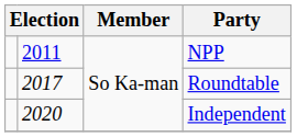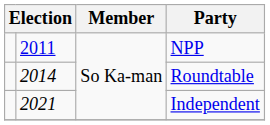 <table class="wikitable">
 <tr>
 <th colspan="2">Election</th>
 <th>Member</th>
 <th>Party</th>
 </tr>
 <tr>
 <td style="color:inherit;background:"></td>
 <td><a href='#'>2011</a></td>
 <td rowspan=3>So Ka-man</td>
 <td><a href='#'>NPP</a></td>
 </tr>
 <tr>
 <td style="color:inherit;background:"></td>
-<td><em>2017</em></td>
+<td><em>2014</em></td>
 <td><a href='#'>Roundtable</a></td>
 </tr>
 <tr>
 <td style="color:inherit;background:"></td>
-<td><em>2020</em></td>
+<td><em>2021</em></td>
 <td><a href='#'>Independent</a></td>
 </tr>
 <tr>
 </tr>
 </table>
